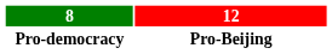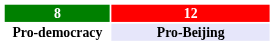 <table style="width:50%; text-align:center;">
 <tr style="color:white;">
 <td style="background:green; width:40%;"><strong>8</strong></td>
 <td style="background:red; width:60%;"><strong>12</strong></td>
 </tr>
 <tr>
 <td><span><strong>Pro-democracy</strong></span></td>
-<td><span><strong>Pro-Beijing</strong></span></td>
+<td style="background: lavender;"><span><strong>Pro-Beijing</strong></span></td>
 </tr>
 </table>
